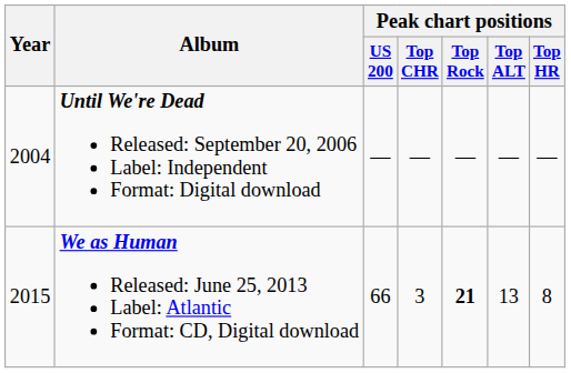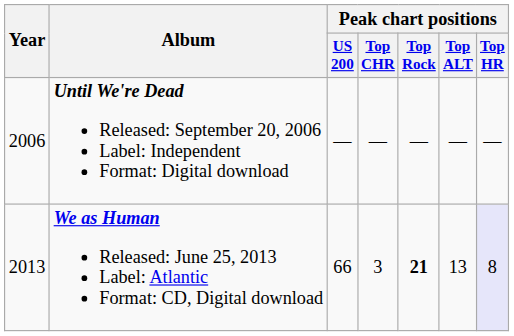 <table class="wikitable" style="text-align:center;">
 <tr>
 <th rowspan="2">Year</th>
 <th rowspan="2">Album</th>
 <th colspan="5">Peak chart positions</th>
 </tr>
 <tr style="font-size:smaller;">
 <th style="width:20px;"><a href='#'>US<br>200</a></th>
 <th style="width:20px;"><a href='#'>Top<br>CHR</a></th>
 <th style="width:20px;"><a href='#'>Top<br>Rock</a></th>
 <th style="width:20px;"><a href='#'>Top<br>ALT</a></th>
 <th style="width:20px;"><a href='#'>Top<br>HR</a></th>
 </tr>
 <tr>
-<td>2004</td>
+<td>2006</td>
 <td style="text-align:left;"><strong><em>Until We're Dead</em></strong><br><ul><li>Released: September 20, 2006</li><li>Label: Independent</li><li>Format: Digital download</li></ul></td>
 <td>—</td>
 <td>—</td>
 <td>—</td>
 <td>—</td>
 <td>—</td>
 </tr>
 <tr>
-<td>2015</td>
+<td>2013</td>
 <td style="text-align:left;"><strong><em><a href='#'>We as Human</a></em></strong><br><ul><li>Released: June 25, 2013</li><li>Label: <a href='#'>Atlantic</a></li><li>Format: CD, Digital download</li></ul></td>
 <td>66</td>
 <td>3</td>
 <td><strong>21</strong></td>
 <td>13</td>
-<td>8</td>
+<td style="background: lavender;">8</td>
 </tr>
 </table>
